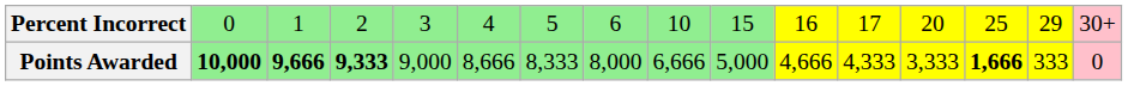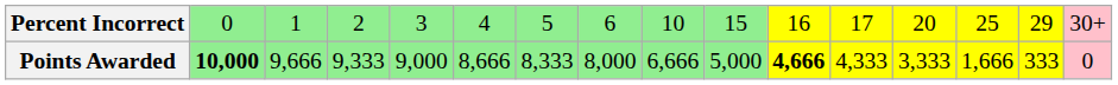 <table class="wikitable">
 <tr align=center>
 <th>Percent Incorrect</th>
 <td bgcolor=lightgreen>0</td>
 <td bgcolor=lightgreen>1</td>
 <td bgcolor=lightgreen>2</td>
 <td bgcolor=lightgreen>3</td>
 <td bgcolor=lightgreen>4</td>
 <td bgcolor=lightgreen>5</td>
 <td bgcolor=lightgreen>6</td>
 <td bgcolor=lightgreen>10</td>
 <td bgcolor=lightgreen>15</td>
 <td bgcolor=yellow>16</td>
 <td bgcolor=yellow>17</td>
 <td bgcolor=yellow>20</td>
 <td bgcolor=yellow>25</td>
 <td bgcolor=yellow>29</td>
 <td bgcolor=pink>30+</td>
 </tr>
 <tr align=center>
 <th>Points Awarded</th>
 <td bgcolor=lightgreen><strong>10,000</strong></td>
-<td bgcolor=lightgreen><strong>9,666</strong></td>
-<td bgcolor=lightgreen><strong>9,333</strong></td>
+<td bgcolor=lightgreen>9,666</td>
+<td bgcolor=lightgreen>9,333</td>
 <td bgcolor=lightgreen>9,000</td>
 <td bgcolor=lightgreen>8,666</td>
 <td bgcolor=lightgreen>8,333</td>
 <td bgcolor=lightgreen>8,000</td>
 <td bgcolor=lightgreen>6,666</td>
 <td bgcolor=lightgreen>5,000</td>
-<td bgcolor=yellow>4,666</td>
+<td bgcolor=yellow><strong>4,666</strong></td>
 <td bgcolor=yellow>4,333</td>
 <td bgcolor=yellow>3,333</td>
-<td bgcolor=yellow><strong>1,666</strong></td>
+<td bgcolor=yellow>1,666</td>
 <td bgcolor=yellow>333</td>
 <td bgcolor=pink>0</td>
 </tr>
 </table>
